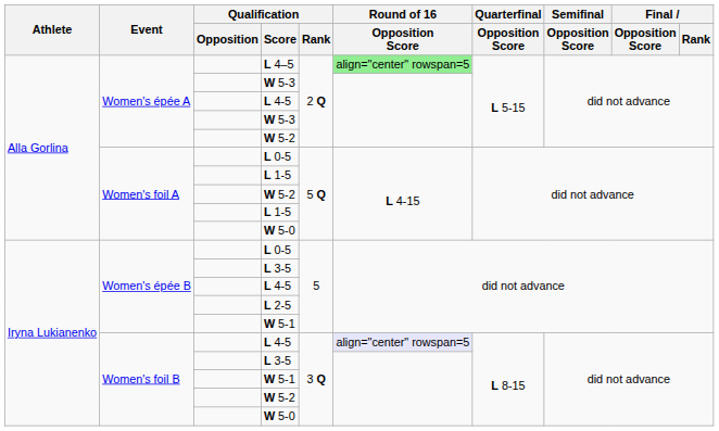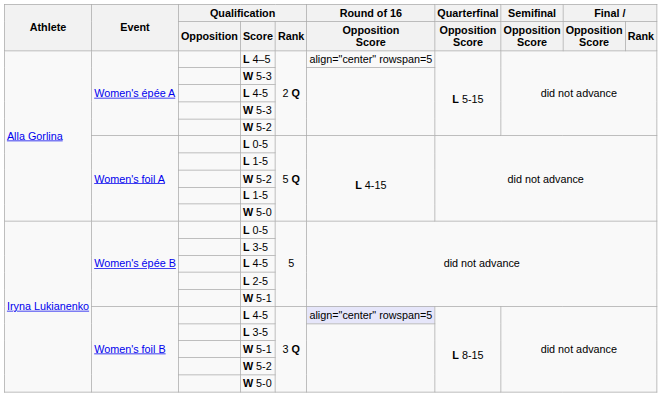 <table class=wikitable style="font-size:90%">
 <tr>
 <th rowspan="2">Athlete</th>
 <th rowspan="2">Event</th>
 <th colspan="3">Qualification</th>
 <th>Round of 16</th>
 <th>Quarterfinal</th>
 <th>Semifinal</th>
 <th colspan="2">Final / </th>
 </tr>
 <tr>
 <th>Opposition</th>
 <th>Score</th>
 <th>Rank</th>
 <th>Opposition<br>Score</th>
 <th>Opposition<br>Score</th>
 <th>Opposition<br>Score</th>
 <th>Opposition<br>Score</th>
 <th>Rank</th>
 </tr>
 <tr>
 <td rowspan=10><a href='#'>Alla Gorlina</a></td>
 <td rowspan=5><a href='#'>Women's épée A</a></td>
 <td></td>
 <td><strong>L</strong> 4–5</td>
 <td align="center" rowspan=5>2 <strong>Q</strong></td>
-<td style="background: lightgreen;">align="center" rowspan=5 </td>
+<td>align="center" rowspan=5 </td>
 <td align="center" rowspan=5><br><strong>L</strong> 5-15</td>
 <td align="center" rowspan=5 colspan=3>did not advance</td>
 </tr>
 <tr>
 <td></td>
 <td><strong>W</strong> 5-3</td>
 </tr>
 <tr>
 <td></td>
 <td><strong>L</strong> 4-5</td>
 </tr>
 <tr>
 <td></td>
 <td><strong>W</strong> 5-3</td>
 </tr>
 <tr>
 <td></td>
 <td><strong>W</strong> 5-2</td>
 </tr>
 <tr>
 <td rowspan=5><a href='#'>Women's foil A</a></td>
 <td></td>
 <td><strong>L</strong> 0-5</td>
 <td align="center" rowspan=5>5 <strong>Q</strong></td>
 <td align="center" rowspan=5><br><strong>L</strong> 4-15</td>
 <td align="center" rowspan=5 colspan=4>did not advance</td>
 </tr>
 <tr>
 <td></td>
 <td><strong>L</strong> 1-5</td>
 </tr>
 <tr>
 <td></td>
 <td><strong>W</strong> 5-2</td>
 </tr>
 <tr>
 <td></td>
 <td><strong>L</strong> 1-5</td>
 </tr>
 <tr>
 <td></td>
 <td><strong>W</strong> 5-0</td>
 </tr>
 <tr>
 <td rowspan=10><a href='#'>Iryna Lukianenko</a></td>
 <td rowspan=5><a href='#'>Women's épée B</a></td>
 <td></td>
 <td><strong>L</strong> 0-5</td>
 <td align="center" rowspan=5>5</td>
 <td align="center" rowspan=5 colspan=5>did not advance</td>
 </tr>
 <tr>
 <td></td>
 <td><strong>L</strong> 3-5</td>
 </tr>
 <tr>
 <td></td>
 <td><strong>L</strong> 4-5</td>
 </tr>
 <tr>
 <td></td>
 <td><strong>L</strong> 2-5</td>
 </tr>
 <tr>
 <td></td>
 <td><strong>W</strong> 5-1</td>
 </tr>
 <tr>
 <td rowspan=5><a href='#'>Women's foil B</a></td>
 <td></td>
 <td><strong>L</strong> 4-5</td>
 <td align="center" rowspan=5>3 <strong>Q</strong></td>
 <td style="background: lavender;">align="center" rowspan=5 </td>
 <td align="center" rowspan=5><br><strong>L</strong> 8-15</td>
 <td align="center" rowspan=5 colspan=3>did not advance</td>
 </tr>
 <tr>
 <td></td>
 <td><strong>L</strong> 3-5</td>
 </tr>
 <tr>
 <td></td>
 <td><strong>W</strong> 5-1</td>
 </tr>
 <tr>
 <td></td>
 <td><strong>W</strong> 5-2</td>
 </tr>
 <tr>
 <td></td>
 <td><strong>W</strong> 5-0</td>
 </tr>
 </table>
